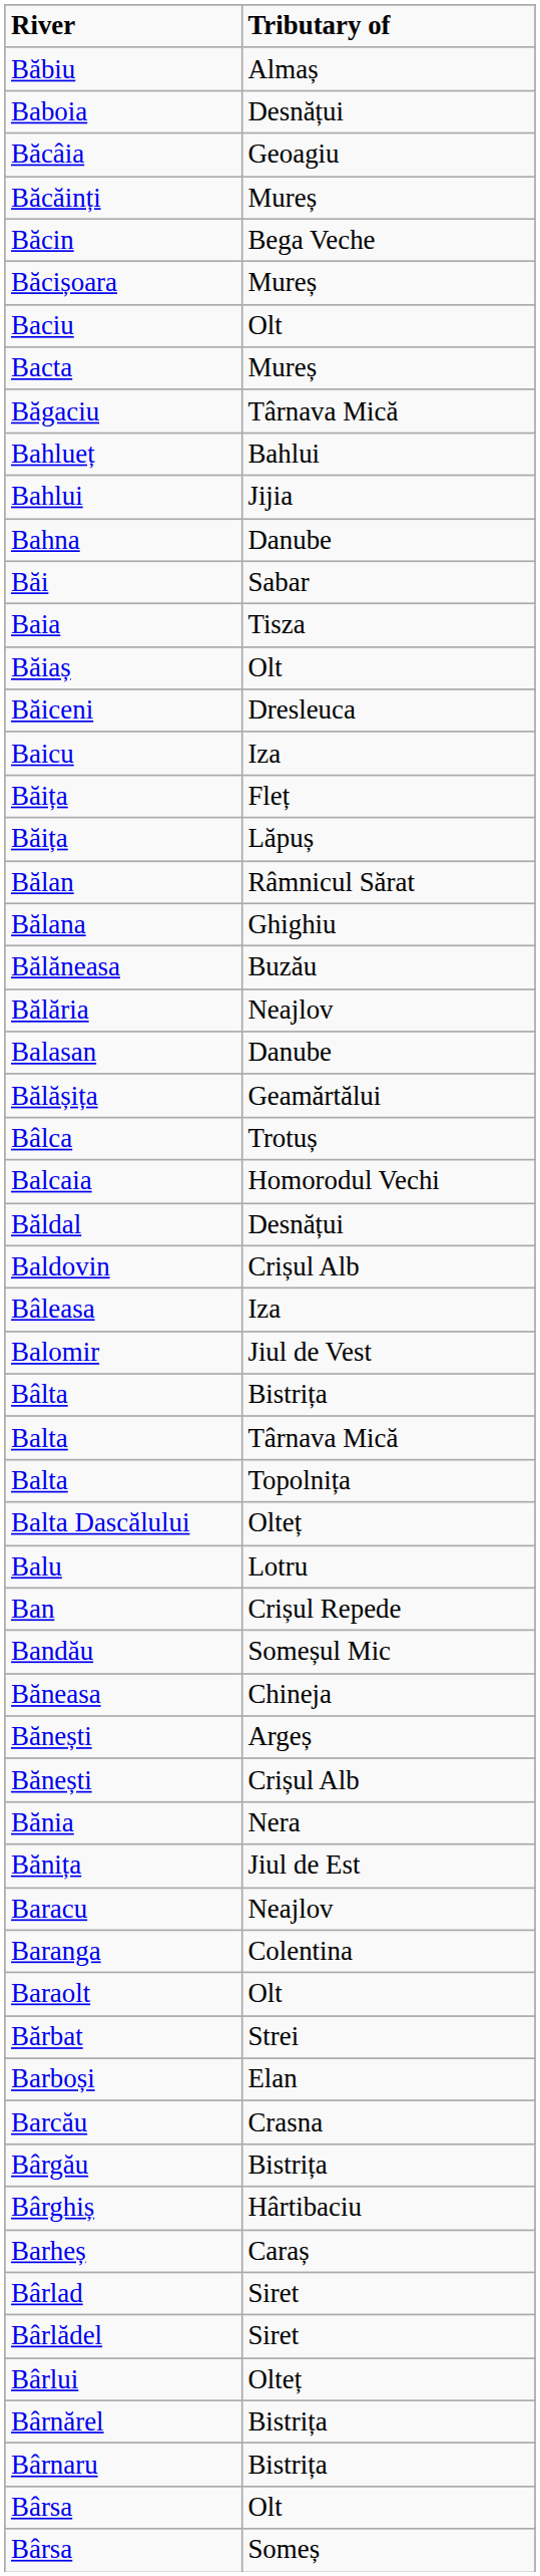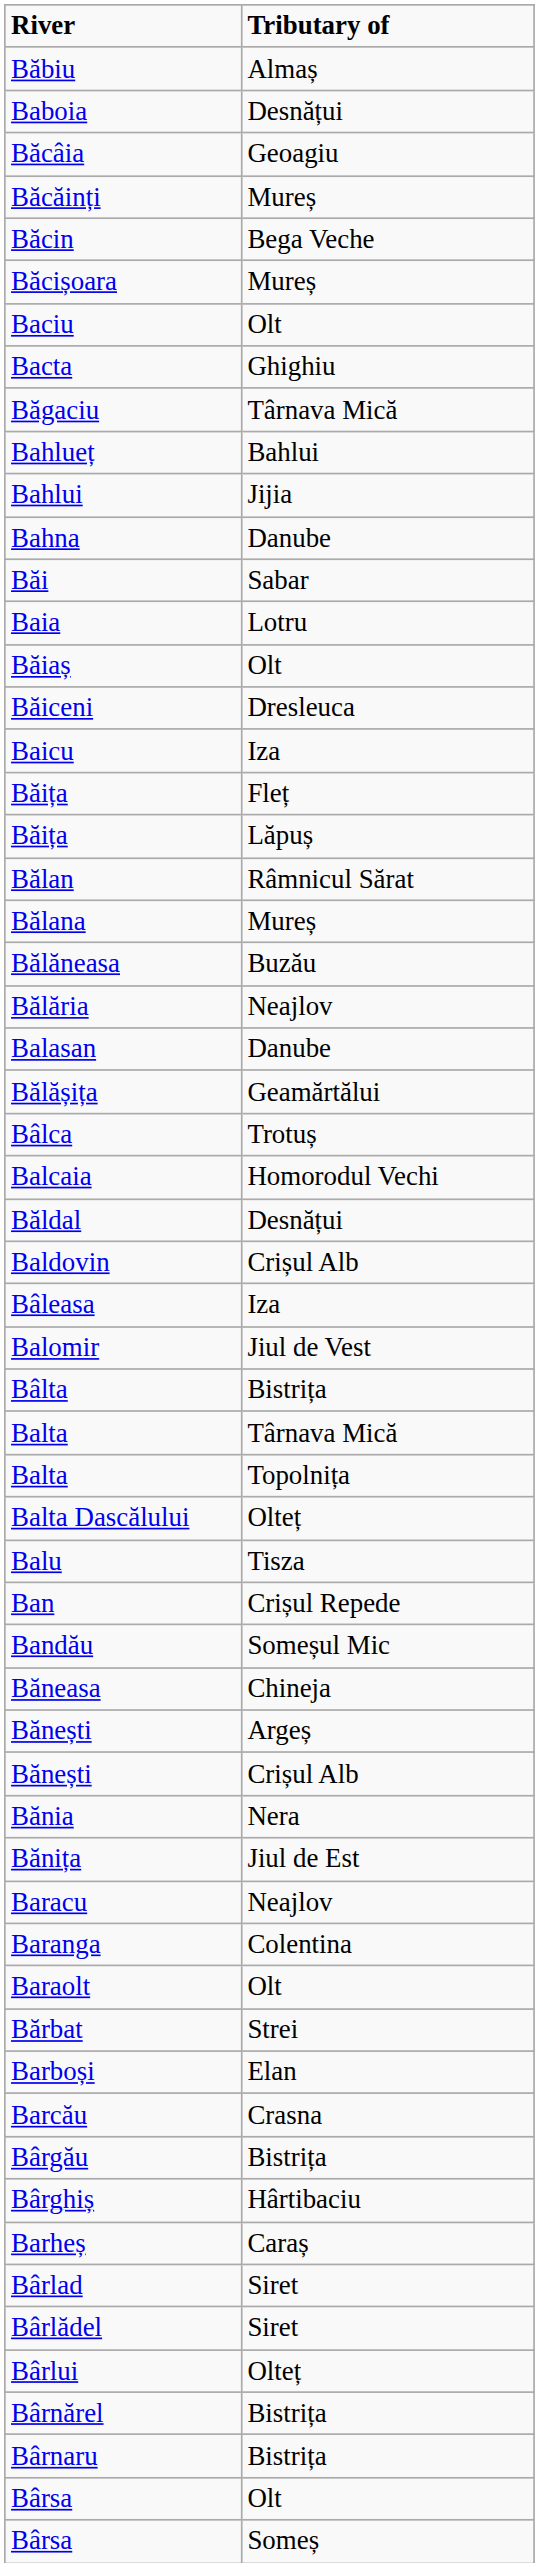 <table class="wikitable">
 <tr>
 <td style="width:100pt;"><strong>River</strong></td>
 <td style="width:125pt;"><strong>Tributary of</strong></td>
 </tr>
 <tr>
 <td><a href='#'>Băbiu</a></td>
 <td>Almaș</td>
 </tr>
 <tr>
 <td><a href='#'>Baboia</a></td>
 <td>Desnățui</td>
 </tr>
 <tr>
 <td><a href='#'>Băcâia</a></td>
 <td>Geoagiu</td>
 </tr>
 <tr>
 <td><a href='#'>Băcăinți</a></td>
 <td>Mureș</td>
 </tr>
 <tr>
 <td><a href='#'>Băcin</a></td>
 <td>Bega Veche</td>
 </tr>
 <tr>
 <td><a href='#'>Băcișoara</a></td>
 <td>Mureș</td>
 </tr>
 <tr>
 <td><a href='#'>Baciu</a></td>
 <td>Olt</td>
 </tr>
 <tr>
 <td><a href='#'>Bacta</a></td>
-<td>Mureș</td>
+<td>Ghighiu</td>
 </tr>
 <tr>
 <td><a href='#'>Băgaciu</a></td>
 <td>Târnava Mică</td>
 </tr>
 <tr>
 <td><a href='#'>Bahlueț</a></td>
 <td>Bahlui</td>
 </tr>
 <tr>
 <td><a href='#'>Bahlui</a></td>
 <td>Jijia</td>
 </tr>
 <tr>
 <td><a href='#'>Bahna</a></td>
 <td>Danube</td>
 </tr>
 <tr>
 <td><a href='#'>Băi</a></td>
 <td>Sabar</td>
 </tr>
 <tr>
 <td><a href='#'>Baia</a></td>
-<td>Tisza</td>
+<td>Lotru</td>
 </tr>
 <tr>
 <td><a href='#'>Băiaș</a></td>
 <td>Olt</td>
 </tr>
 <tr>
 <td><a href='#'>Băiceni</a></td>
 <td>Dresleuca</td>
 </tr>
 <tr>
 <td><a href='#'>Baicu</a></td>
 <td>Iza</td>
 </tr>
 <tr>
 <td><a href='#'>Băița</a></td>
 <td>Fleț</td>
 </tr>
 <tr>
 <td><a href='#'>Băița</a></td>
 <td>Lăpuș</td>
 </tr>
 <tr>
 <td><a href='#'>Bălan</a></td>
 <td>Râmnicul Sărat</td>
 </tr>
 <tr>
 <td><a href='#'>Bălana</a></td>
-<td>Ghighiu</td>
+<td>Mureș</td>
 </tr>
 <tr>
 <td><a href='#'>Bălăneasa</a></td>
 <td>Buzău</td>
 </tr>
 <tr>
 <td><a href='#'>Bălăria</a></td>
 <td>Neajlov</td>
 </tr>
 <tr>
 <td><a href='#'>Balasan</a></td>
 <td>Danube</td>
 </tr>
 <tr>
 <td><a href='#'>Bălășița</a></td>
 <td>Geamărtălui</td>
 </tr>
 <tr>
 <td><a href='#'>Bâlca</a></td>
 <td>Trotuș</td>
 </tr>
 <tr>
 <td><a href='#'>Balcaia</a></td>
 <td>Homorodul Vechi</td>
 </tr>
 <tr>
 <td><a href='#'>Băldal</a></td>
 <td>Desnățui</td>
 </tr>
 <tr>
 <td><a href='#'>Baldovin</a></td>
 <td>Crișul Alb</td>
 </tr>
 <tr>
 <td><a href='#'>Bâleasa</a></td>
 <td>Iza</td>
 </tr>
 <tr>
 <td><a href='#'>Balomir</a></td>
 <td>Jiul de Vest</td>
 </tr>
 <tr>
 <td><a href='#'>Bâlta</a></td>
 <td>Bistrița</td>
 </tr>
 <tr>
 <td><a href='#'>Balta</a></td>
 <td>Târnava Mică</td>
 </tr>
 <tr>
 <td><a href='#'>Balta</a></td>
 <td>Topolnița</td>
 </tr>
 <tr>
 <td><a href='#'>Balta Dascălului</a></td>
 <td>Olteț</td>
 </tr>
 <tr>
 <td><a href='#'>Balu</a></td>
-<td>Lotru</td>
+<td>Tisza</td>
 </tr>
 <tr>
 <td><a href='#'>Ban</a></td>
 <td>Crișul Repede</td>
 </tr>
 <tr>
 <td><a href='#'>Bandău</a></td>
 <td>Someșul Mic</td>
 </tr>
 <tr>
 <td><a href='#'>Băneasa</a></td>
 <td>Chineja</td>
 </tr>
 <tr>
 <td><a href='#'>Bănești</a></td>
 <td>Argeș</td>
 </tr>
 <tr>
 <td><a href='#'>Bănești</a></td>
 <td>Crișul Alb</td>
 </tr>
 <tr>
 <td><a href='#'>Bănia</a></td>
 <td>Nera</td>
 </tr>
 <tr>
 <td><a href='#'>Bănița</a></td>
 <td>Jiul de Est</td>
 </tr>
 <tr>
 <td><a href='#'>Baracu</a></td>
 <td>Neajlov</td>
 </tr>
 <tr>
 <td><a href='#'>Baranga</a></td>
 <td>Colentina</td>
 </tr>
 <tr>
 <td><a href='#'>Baraolt</a></td>
 <td>Olt</td>
 </tr>
 <tr>
 <td><a href='#'>Bărbat</a></td>
 <td>Strei</td>
 </tr>
 <tr>
 <td><a href='#'>Barboși</a></td>
 <td>Elan</td>
 </tr>
 <tr>
 <td><a href='#'>Barcău</a></td>
 <td>Crasna</td>
 </tr>
 <tr>
 <td><a href='#'>Bârgău</a></td>
 <td>Bistrița</td>
 </tr>
 <tr>
 <td><a href='#'>Bârghiș</a></td>
 <td>Hârtibaciu</td>
 </tr>
 <tr>
 <td><a href='#'>Barheș</a></td>
 <td>Caraș</td>
 </tr>
 <tr>
 <td><a href='#'>Bârlad</a></td>
 <td>Siret</td>
 </tr>
 <tr>
 <td><a href='#'>Bârlădel</a></td>
 <td>Siret</td>
 </tr>
 <tr>
 <td><a href='#'>Bârlui</a></td>
 <td>Olteț</td>
 </tr>
 <tr>
 <td><a href='#'>Bârnărel</a></td>
 <td>Bistrița</td>
 </tr>
 <tr>
 <td><a href='#'>Bârnaru</a></td>
 <td>Bistrița</td>
 </tr>
 <tr>
 <td><a href='#'>Bârsa</a></td>
 <td>Olt</td>
 </tr>
 <tr>
 <td><a href='#'>Bârsa</a></td>
 <td>Someș</td>
 </tr>
 </table>
